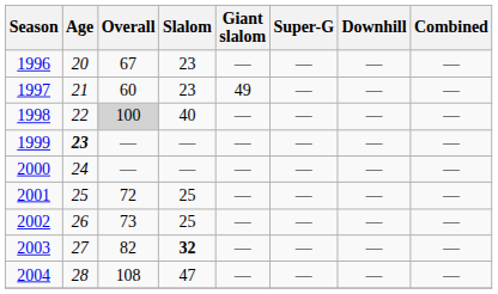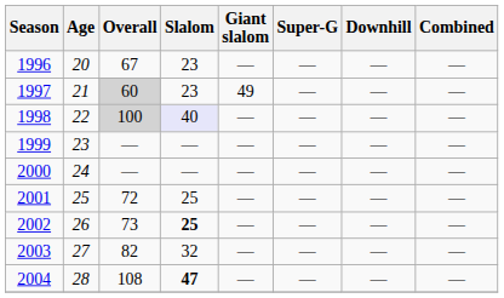 <table class=wikitable style="text-align:center">
 <tr>
 <th>Season</th>
 <th>Age</th>
 <th>Overall</th>
 <th>Slalom</th>
 <th>Giant<br>slalom</th>
 <th>Super-G</th>
 <th>Downhill</th>
 <th>Combined</th>
 </tr>
 <tr>
 <td><a href='#'>1996</a></td>
 <td><em>20</em></td>
 <td>67</td>
 <td>23</td>
 <td>—</td>
 <td>—</td>
 <td>—</td>
 <td>—</td>
 </tr>
 <tr>
 <td><a href='#'>1997</a></td>
 <td><em>21</em></td>
-<td>60</td>
+<td style="background: lightgrey;">60</td>
 <td>23</td>
 <td>49</td>
 <td>—</td>
 <td>—</td>
 <td>—</td>
 </tr>
 <tr>
 <td><a href='#'>1998</a></td>
 <td><em>22</em></td>
 <td style="background: lightgrey;">100</td>
-<td>40</td>
+<td style="background: lavender;">40</td>
 <td>—</td>
 <td>—</td>
 <td>—</td>
 <td>—</td>
 </tr>
 <tr>
 <td><a href='#'>1999</a></td>
-<td><strong><em>23</em></strong></td>
+<td><em>23</em></td>
 <td>—</td>
 <td>—</td>
 <td>—</td>
 <td>—</td>
 <td>—</td>
 <td>—</td>
 </tr>
 <tr>
 <td><a href='#'>2000</a></td>
 <td><em>24</em></td>
 <td>—</td>
 <td>—</td>
 <td>—</td>
 <td>—</td>
 <td>—</td>
 <td>—</td>
 </tr>
 <tr>
 <td><a href='#'>2001</a></td>
 <td><em>25</em></td>
 <td>72</td>
 <td>25</td>
 <td>—</td>
 <td>—</td>
 <td>—</td>
 <td>—</td>
 </tr>
 <tr>
 <td><a href='#'>2002</a></td>
 <td><em>26</em></td>
 <td>73</td>
-<td>25</td>
+<td><strong>25</strong></td>
 <td>—</td>
 <td>—</td>
 <td>—</td>
 <td>—</td>
 </tr>
 <tr>
 <td><a href='#'>2003</a></td>
 <td><em>27</em></td>
 <td>82</td>
-<td><strong>32</strong></td>
+<td>32</td>
 <td>—</td>
 <td>—</td>
 <td>—</td>
 <td>—</td>
 </tr>
 <tr>
 <td><a href='#'>2004</a></td>
 <td><em>28</em></td>
 <td>108</td>
-<td>47</td>
+<td><strong>47</strong></td>
 <td>—</td>
 <td>—</td>
 <td>—</td>
 <td>—</td>
 </tr>
 <tr>
 </tr>
 </table>
